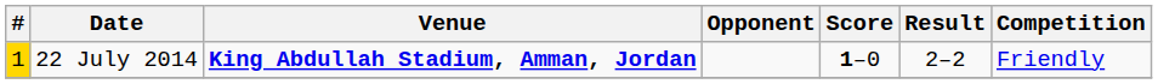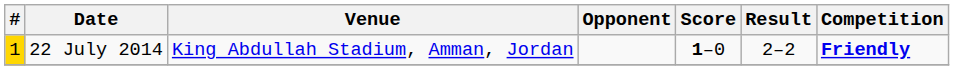 <table class="wikitable">
 <tr>
 <th>#</th>
 <th>Date</th>
 <th>Venue</th>
 <th>Opponent</th>
 <th>Score</th>
 <th>Result</th>
 <th>Competition</th>
 </tr>
 <tr>
 <td style="background: gold;">1</td>
 <td>22 July 2014</td>
-<td><strong><a href='#'>King Abdullah Stadium</a>, <a href='#'>Amman</a>, <a href='#'>Jordan</a></strong></td>
+<td><a href='#'>King Abdullah Stadium</a>, <a href='#'>Amman</a>, <a href='#'>Jordan</a></td>
 <td></td>
 <td align=center><strong>1</strong>–0</td>
 <td align=center>2–2</td>
-<td><a href='#'>Friendly</a></td>
+<td><strong><a href='#'>Friendly</a></strong></td>
 </tr>
 <tr>
 </tr>
 </table>
